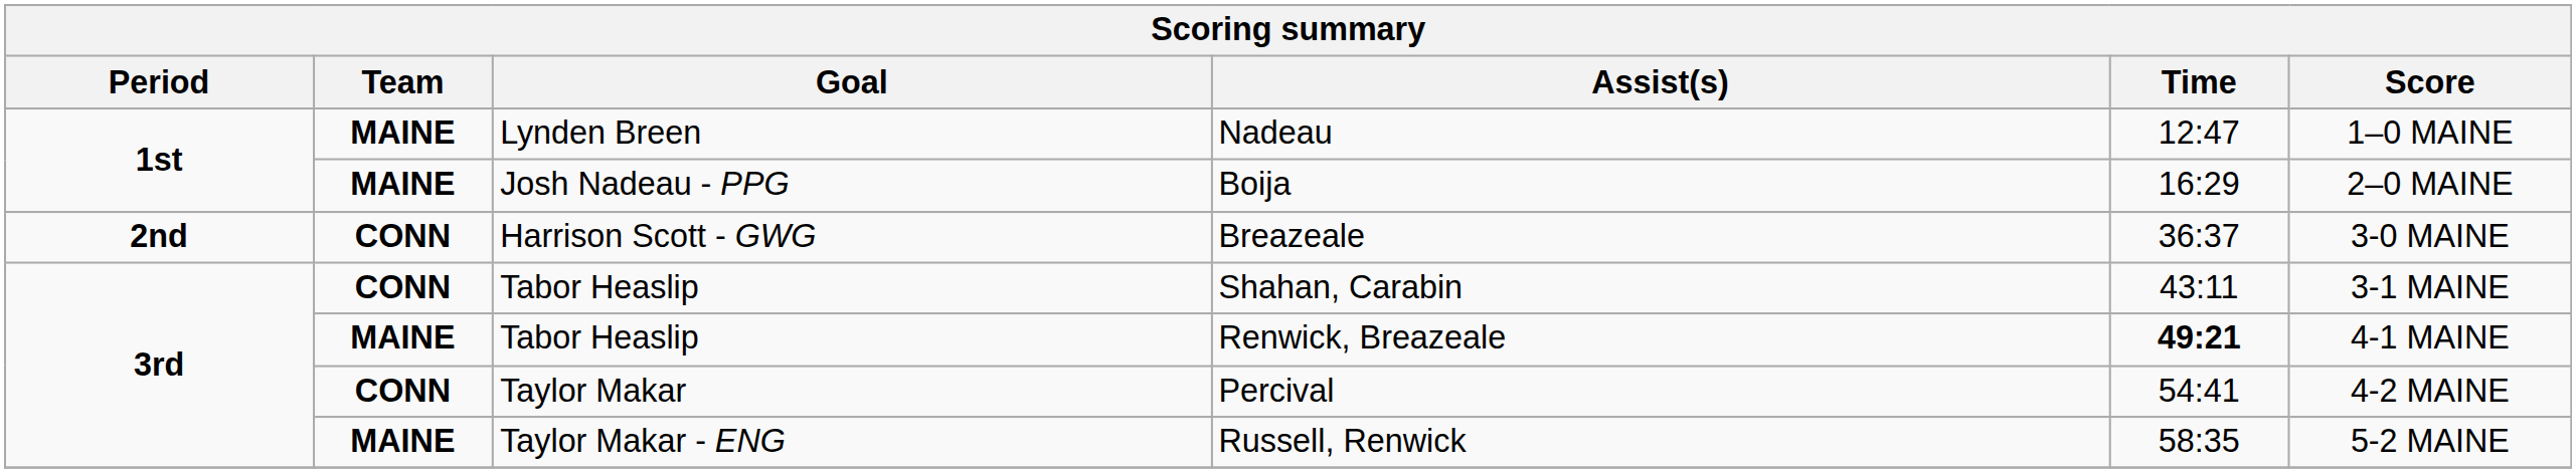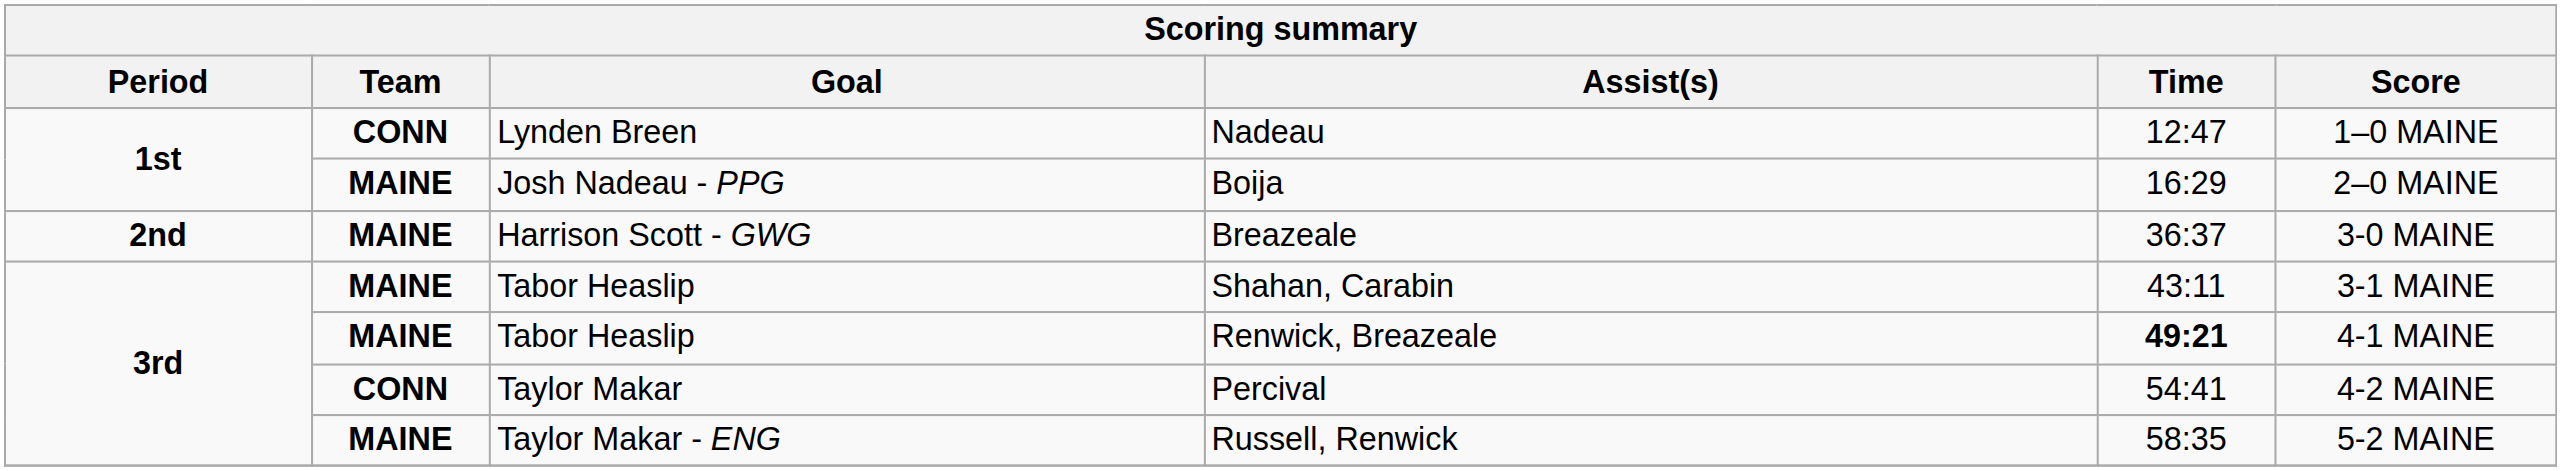 <table style="width:100%;" class="wikitable">
 <tr>
 <th colspan=6>Scoring summary</th>
 </tr>
 <tr>
 <th style="width:12%;">Period</th>
 <th style="width:7%;">Team</th>
 <th style="width:28%;">Goal</th>
 <th style="width:35%;">Assist(s)</th>
 <th style="width:7%;">Time</th>
 <th style="width:11%;">Score</th>
 </tr>
 <tr>
 <td style="text-align:center;" rowspan="2"><strong>1st</strong></td>
-<td align=center><strong>MAINE</strong></td>
+<td align=center><strong>CONN</strong></td>
 <td>Lynden Breen</td>
 <td>Nadeau</td>
 <td align=center>12:47</td>
 <td align=center>1–0 MAINE</td>
 </tr>
 <tr>
 <td align=center><strong>MAINE</strong></td>
 <td>Josh Nadeau - <em>PPG</em></td>
 <td>Boija</td>
 <td align=center>16:29</td>
 <td align=center>2–0 MAINE</td>
 </tr>
 <tr>
 <td style="text-align:center;" rowspan="1"><strong>2nd</strong></td>
-<td align=center><strong>CONN</strong></td>
+<td align=center><strong>MAINE</strong></td>
 <td>Harrison Scott - <em>GWG</em></td>
 <td>Breazeale</td>
 <td align=center>36:37</td>
 <td align=center>3-0 MAINE</td>
 </tr>
 <tr>
 <td style="text-align:center;" rowspan="4"><strong>3rd</strong></td>
-<td align=center><strong>CONN</strong></td>
+<td align=center><strong>MAINE</strong></td>
 <td>Tabor Heaslip</td>
 <td>Shahan, Carabin</td>
 <td align=center>43:11</td>
 <td align=center>3-1 MAINE</td>
 </tr>
 <tr>
 <td align=center><strong>MAINE</strong></td>
 <td>Tabor Heaslip</td>
 <td>Renwick, Breazeale</td>
 <td align=center><strong>49:21</strong></td>
 <td align=center>4-1 MAINE</td>
 </tr>
 <tr>
 <td align=center><strong>CONN</strong></td>
 <td>Taylor Makar</td>
 <td>Percival</td>
 <td align=center>54:41</td>
 <td align=center>4-2 MAINE</td>
 </tr>
 <tr>
 <td align=center><strong>MAINE</strong></td>
 <td>Taylor Makar - <em>ENG</em></td>
 <td>Russell, Renwick</td>
 <td align=center>58:35</td>
 <td align=center>5-2 MAINE</td>
 </tr>
 <tr>
 </tr>
 </table>
